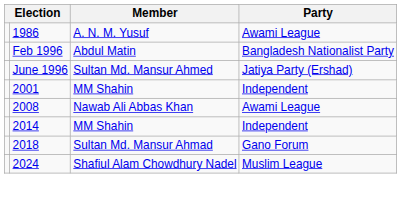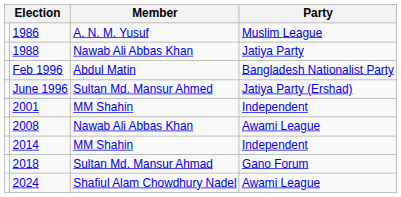 <table class="wikitable">
 <tr>
 <th colspan="2">Election</th>
 <th>Member</th>
 <th>Party</th>
 </tr>
 <tr>
 <td style="background-color:"></td>
 <td><a href='#'>1986</a></td>
 <td><a href='#'>A. N. M. Yusuf</a></td>
-<td><a href='#'>Awami League</a></td>
+<td><a href='#'>Muslim League</a></td>
+</tr>
+<tr>
+<td style="background-color:"></td>
+<td><a href='#'>1988</a></td>
+<td><a href='#'>Nawab Ali Abbas Khan</a></td>
+<td><a href='#'>Jatiya Party</a></td>
 </tr>
 <tr>
 <td style="background-color:"></td>
 <td><a href='#'>Feb 1996</a></td>
 <td><a href='#'>Abdul Matin</a></td>
 <td><a href='#'>Bangladesh Nationalist Party</a></td>
 </tr>
 <tr>
 <td style="background-color:"></td>
 <td><a href='#'>June 1996</a></td>
 <td><a href='#'>Sultan Md. Mansur Ahmed</a></td>
 <td><a href='#'>Jatiya Party (Ershad)</a></td>
 </tr>
 <tr>
 <td style="background-color:"></td>
 <td><a href='#'>2001</a></td>
 <td><a href='#'>MM Shahin</a></td>
 <td><a href='#'>Independent</a></td>
 </tr>
 <tr>
 <td style="background-color:"></td>
 <td><a href='#'>2008</a></td>
 <td><a href='#'>Nawab Ali Abbas Khan</a></td>
 <td><a href='#'>Awami League</a></td>
 </tr>
 <tr>
 <td style="background-color:"></td>
 <td><a href='#'>2014</a></td>
 <td><a href='#'>MM Shahin</a></td>
 <td><a href='#'>Independent</a></td>
 </tr>
 <tr>
 <td style="background-color:"></td>
 <td><a href='#'>2018</a></td>
 <td><a href='#'>Sultan Md. Mansur Ahmad</a></td>
 <td><a href='#'>Gano Forum</a></td>
 </tr>
 <tr>
 <td style="background-color:"></td>
 <td><a href='#'>2024</a></td>
 <td><a href='#'>Shafiul Alam Chowdhury Nadel</a></td>
-<td><a href='#'>Muslim League</a></td>
+<td><a href='#'>Awami League</a></td>
 </tr>
 </table>
